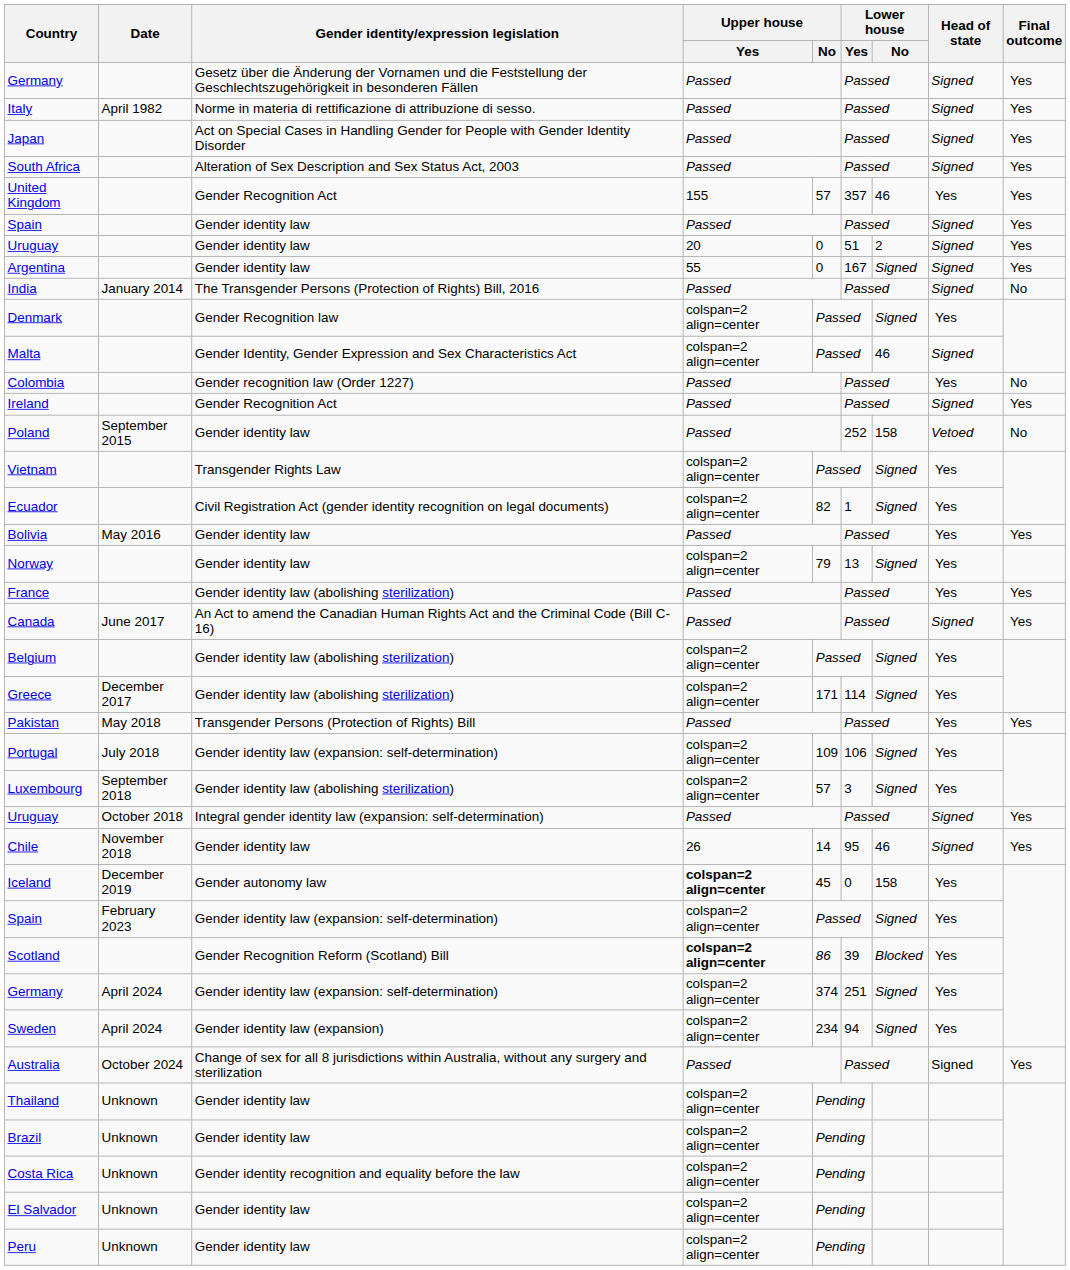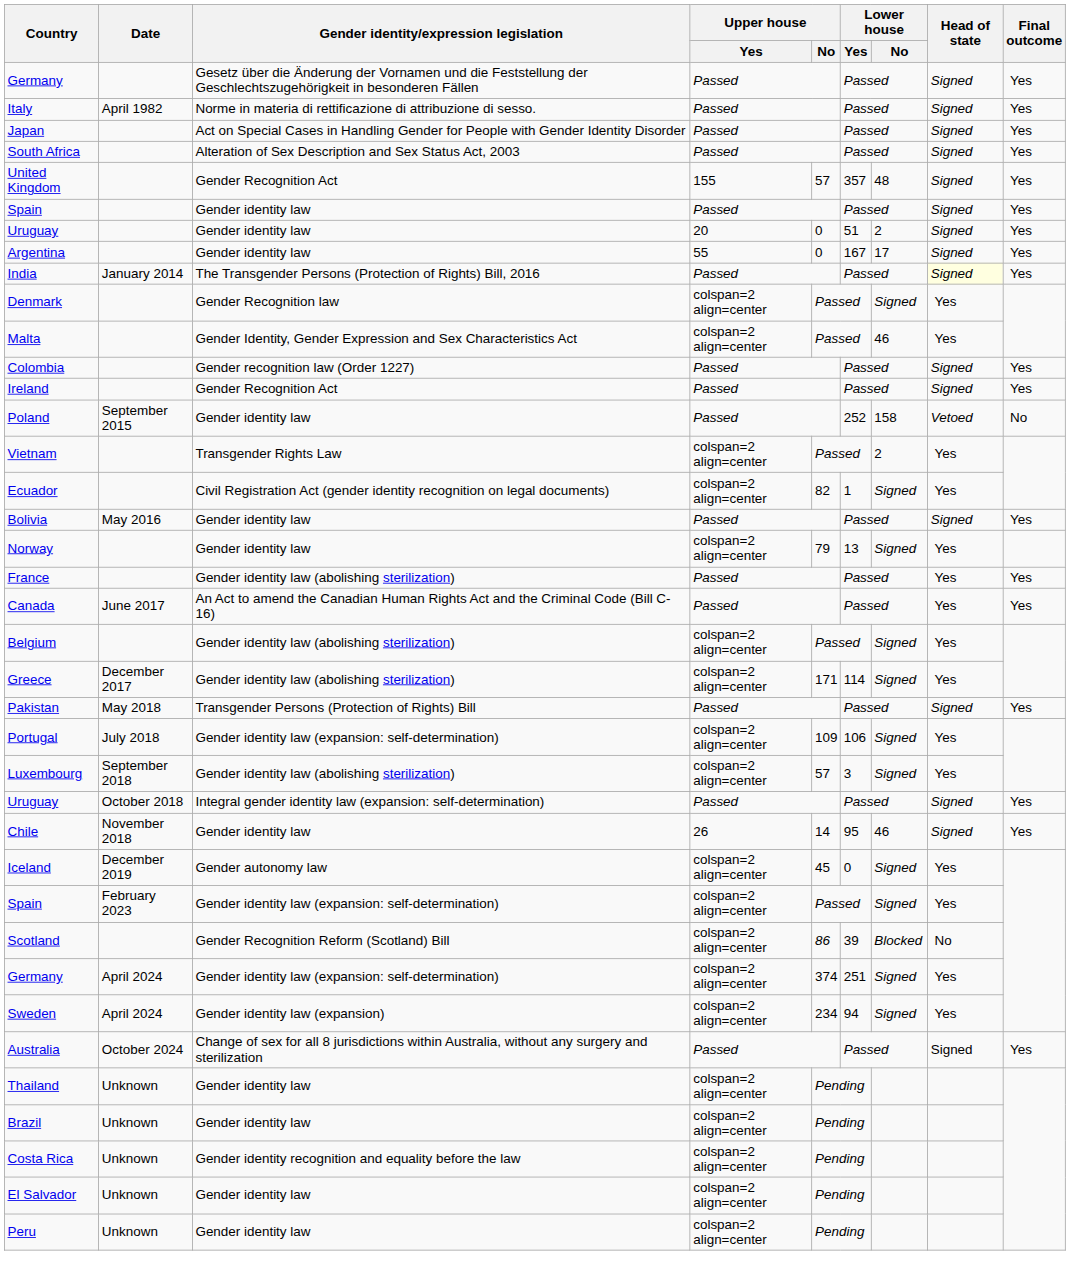 <table class="wikitable sortable mw-collapsible" style="width:100%">
 <tr>
 <th rowspan=2>Country</th>
 <th rowspan=2>Date</th>
 <th rowspan=2>Gender identity/expression legislation</th>
 <th colspan=2>Upper house</th>
 <th colspan=2>Lower house</th>
 <th rowspan=2>Head of state</th>
 <th rowspan=2>Final<br>outcome</th>
 </tr>
 <tr>
 <th>Yes</th>
 <th>No</th>
 <th>Yes</th>
 <th>No</th>
 </tr>
 <tr>
 <td> <a href='#'>Germany</a></td>
 <td></td>
 <td>Gesetz über die Änderung der Vornamen und die Feststellung der Geschlechtszugehörigkeit in besonderen Fällen</td>
 <td colspan=2><em>Passed</em></td>
 <td colspan=2><em>Passed</em></td>
 <td><em>Signed</em></td>
 <td> Yes</td>
 </tr>
 <tr>
 <td> <a href='#'>Italy</a></td>
 <td>April 1982</td>
 <td>Norme in materia di rettificazione di attribuzione di sesso.</td>
 <td colspan="2"><em>Passed</em></td>
 <td colspan="2"><em>Passed</em></td>
 <td><em>Signed</em></td>
 <td> Yes</td>
 </tr>
 <tr>
 <td> <a href='#'>Japan</a></td>
 <td></td>
 <td>Act on Special Cases in Handling Gender for People with Gender Identity Disorder</td>
 <td colspan=2><em>Passed</em></td>
 <td colspan=2><em>Passed</em></td>
 <td><em>Signed</em></td>
 <td> Yes</td>
 </tr>
 <tr>
 <td> <a href='#'>South Africa</a></td>
 <td></td>
 <td>Alteration of Sex Description and Sex Status Act, 2003</td>
 <td colspan=2><em>Passed</em></td>
 <td colspan=2><em>Passed</em></td>
 <td><em>Signed</em></td>
 <td> Yes</td>
 </tr>
 <tr>
 <td> <a href='#'>United Kingdom</a></td>
 <td></td>
 <td>Gender Recognition Act</td>
 <td>155</td>
 <td>57</td>
 <td>357</td>
-<td>46</td>
-<td> Yes</td>
+<td>48</td>
+<td><em>Signed</em></td>
 <td> Yes</td>
 </tr>
 <tr>
 <td> <a href='#'>Spain</a></td>
 <td></td>
 <td>Gender identity law</td>
 <td colspan=2><em>Passed</em></td>
 <td colspan=2><em>Passed</em></td>
 <td><em>Signed</em></td>
 <td> Yes</td>
 </tr>
 <tr>
 <td> <a href='#'>Uruguay</a></td>
 <td></td>
 <td>Gender identity law</td>
 <td>20</td>
 <td>0</td>
 <td>51</td>
 <td>2</td>
 <td><em>Signed</em></td>
 <td> Yes</td>
 </tr>
 <tr>
 <td> <a href='#'>Argentina</a></td>
 <td></td>
 <td>Gender identity law</td>
 <td>55</td>
 <td>0</td>
 <td>167</td>
-<td><em>Signed</em></td>
+<td>17</td>
 <td><em>Signed</em></td>
 <td> Yes</td>
 </tr>
 <tr>
 <td> <a href='#'>India</a></td>
 <td>January 2014</td>
 <td>The Transgender Persons (Protection of Rights) Bill, 2016</td>
 <td colspan="2"><em>Passed</em></td>
 <td colspan="2"><em>Passed</em></td>
-<td><em>Signed</em></td>
-<td> No</td>
+<td style="background: lightyellow;"><em>Signed</em></td>
+<td> Yes</td>
 </tr>
 <tr>
 <td> <a href='#'>Denmark</a></td>
 <td></td>
 <td>Gender Recognition law</td>
 <td>colspan=2 align=center </td>
 <td colspan=2><em>Passed</em></td>
 <td><em>Signed</em></td>
 <td> Yes</td>
 </tr>
 <tr>
 <td> <a href='#'>Malta</a></td>
 <td></td>
 <td>Gender Identity, Gender Expression and Sex Characteristics Act</td>
 <td>colspan=2 align=center </td>
 <td colspan=2><em>Passed</em></td>
 <td>46</td>
-<td><em>Signed</em></td>
+<td> Yes</td>
 </tr>
 <tr>
 <td> <a href='#'>Colombia</a></td>
 <td></td>
 <td>Gender recognition law (Order 1227)</td>
 <td colspan=2><em>Passed</em></td>
 <td colspan=2><em>Passed</em></td>
+<td><em>Signed</em></td>
 <td> Yes</td>
-<td> No</td>
 </tr>
 <tr>
 <td> <a href='#'>Ireland</a></td>
 <td></td>
 <td>Gender Recognition Act</td>
 <td colspan=2><em>Passed</em></td>
 <td colspan=2><em>Passed</em></td>
 <td><em>Signed</em></td>
 <td> Yes</td>
 </tr>
 <tr>
 <td> <a href='#'>Poland</a></td>
 <td>September 2015</td>
 <td>Gender identity law</td>
 <td colspan=2><em>Passed</em></td>
 <td>252</td>
 <td>158</td>
 <td><em>Vetoed</em></td>
 <td> No</td>
 </tr>
 <tr>
 <td> <a href='#'>Vietnam</a></td>
 <td></td>
 <td>Transgender Rights Law</td>
 <td>colspan=2 align=center </td>
 <td colspan=2><em>Passed</em></td>
-<td><em>Signed</em></td>
+<td>2</td>
 <td> Yes</td>
 </tr>
 <tr>
 <td> <a href='#'>Ecuador</a></td>
 <td></td>
 <td>Civil Registration Act (gender identity recognition on legal documents)</td>
 <td>colspan=2 align=center </td>
 <td>82</td>
 <td>1</td>
 <td><em>Signed</em></td>
 <td> Yes</td>
 </tr>
 <tr>
 <td> <a href='#'>Bolivia</a></td>
 <td>May 2016</td>
 <td>Gender identity law</td>
 <td colspan=2><em>Passed</em></td>
 <td colspan=2><em>Passed</em></td>
-<td> Yes</td>
+<td><em>Signed</em></td>
 <td> Yes</td>
 </tr>
 <tr>
 <td> <a href='#'>Norway</a></td>
 <td></td>
 <td>Gender identity law</td>
 <td>colspan=2 align=center </td>
 <td>79</td>
 <td>13</td>
 <td><em>Signed</em></td>
 <td> Yes</td>
 </tr>
 <tr>
 <td> <a href='#'>France</a></td>
 <td></td>
 <td>Gender identity law (abolishing <a href='#'>sterilization</a>)</td>
 <td colspan=2><em>Passed</em></td>
 <td colspan=2><em>Passed</em></td>
 <td> Yes</td>
 <td> Yes</td>
 </tr>
 <tr>
 <td> <a href='#'>Canada</a></td>
 <td>June 2017</td>
 <td>An Act to amend the Canadian Human Rights Act and the Criminal Code (Bill C-16)</td>
 <td colspan=2><em>Passed</em></td>
 <td colspan=2><em>Passed</em></td>
-<td><em>Signed</em></td>
+<td> Yes</td>
 <td> Yes</td>
 </tr>
 <tr>
 <td> <a href='#'>Belgium</a></td>
 <td></td>
 <td>Gender identity law (abolishing <a href='#'>sterilization</a>)</td>
 <td>colspan=2 align=center </td>
 <td colspan="2"><em>Passed</em></td>
 <td><em>Signed</em></td>
 <td> Yes</td>
 </tr>
 <tr>
 <td> <a href='#'>Greece</a></td>
 <td>December 2017</td>
 <td>Gender identity law (abolishing <a href='#'>sterilization</a>)</td>
 <td>colspan=2 align=center </td>
 <td>171</td>
 <td>114</td>
 <td><em>Signed</em></td>
 <td> Yes</td>
 </tr>
 <tr>
 <td> <a href='#'>Pakistan</a></td>
 <td>May 2018</td>
 <td>Transgender Persons (Protection of Rights) Bill</td>
 <td colspan="2"><em>Passed</em></td>
 <td colspan="2"><em>Passed</em></td>
-<td> Yes</td>
+<td><em>Signed</em></td>
 <td> Yes</td>
 </tr>
 <tr>
 <td> <a href='#'>Portugal</a></td>
 <td>July 2018</td>
 <td>Gender identity law (expansion: self-determination)</td>
 <td>colspan=2 align=center </td>
 <td>109</td>
 <td>106</td>
 <td><em>Signed</em></td>
 <td> Yes</td>
 </tr>
 <tr>
 <td> <a href='#'>Luxembourg</a></td>
 <td>September 2018</td>
 <td>Gender identity law (abolishing <a href='#'>sterilization</a>)</td>
 <td>colspan=2 align=center </td>
 <td>57</td>
 <td>3</td>
 <td><em>Signed</em></td>
 <td> Yes</td>
 </tr>
 <tr>
 <td> <a href='#'>Uruguay</a></td>
 <td>October 2018</td>
 <td>Integral gender identity law (expansion: self-determination)</td>
 <td colspan="2"><em>Passed</em></td>
 <td colspan="2"><em>Passed</em></td>
 <td><em>Signed</em></td>
 <td> Yes</td>
 </tr>
 <tr>
 <td> <a href='#'>Chile</a></td>
 <td>November 2018</td>
 <td>Gender identity law</td>
 <td>26</td>
 <td>14</td>
 <td>95</td>
 <td>46</td>
 <td><em>Signed</em></td>
 <td> Yes</td>
 </tr>
 <tr>
 <td> <a href='#'>Iceland</a></td>
 <td>December 2019</td>
 <td>Gender autonomy law</td>
-<td><strong>colspan=2 align=center </strong></td>
+<td>colspan=2 align=center </td>
 <td>45</td>
 <td>0</td>
-<td>158</td>
+<td><em>Signed</em></td>
 <td> Yes</td>
 </tr>
 <tr>
 <td> <a href='#'>Spain</a></td>
 <td>February 2023</td>
 <td>Gender identity law (expansion: self-determination)</td>
 <td>colspan=2 align=center </td>
 <td colspan="2"><em>Passed</em></td>
 <td><em>Signed</em></td>
 <td> Yes</td>
 </tr>
 <tr>
 <td> <a href='#'>Scotland</a></td>
 <td></td>
 <td>Gender Recognition Reform (Scotland) Bill</td>
-<td><strong>colspan=2 align=center </strong></td>
+<td>colspan=2 align=center </td>
 <td><em>86</em></td>
 <td>39</td>
 <td><em>Blocked</em></td>
-<td> Yes</td>
+<td> No</td>
 </tr>
 <tr>
 <td> <a href='#'>Germany</a></td>
 <td>April 2024</td>
 <td>Gender identity law (expansion: self-determination)</td>
 <td>colspan=2 align=center </td>
 <td>374</td>
 <td>251</td>
 <td><em>Signed</em></td>
 <td> Yes</td>
 </tr>
 <tr>
 <td> <a href='#'>Sweden</a></td>
 <td>April 2024</td>
 <td>Gender identity law (expansion)</td>
 <td>colspan=2 align=center </td>
 <td>234</td>
 <td>94</td>
 <td><em>Signed</em></td>
 <td> Yes</td>
 </tr>
 <tr>
 <td> <a href='#'>Australia</a></td>
 <td>October 2024</td>
 <td>Change of sex for all 8 jurisdictions within Australia, without any surgery and sterilization</td>
 <td colspan=2><em>Passed</em></td>
 <td colspan=2><em>Passed</em></td>
 <td>Signed</td>
 <td> Yes</td>
 </tr>
 <tr>
 <td> <a href='#'>Thailand</a></td>
 <td>Unknown</td>
 <td>Gender identity law</td>
 <td>colspan=2 align=center </td>
 <td colspan=2><em>Pending</em></td>
 <td></td>
 <td></td>
 </tr>
 <tr>
 <td> <a href='#'>Brazil</a></td>
 <td>Unknown</td>
 <td>Gender identity law</td>
 <td>colspan=2 align=center </td>
 <td colspan=2><em>Pending</em></td>
 <td></td>
 <td></td>
 </tr>
 <tr>
 <td> <a href='#'>Costa Rica</a></td>
 <td>Unknown</td>
 <td>Gender identity recognition and equality before the law</td>
 <td>colspan=2 align=center </td>
 <td colspan="2"><em>Pending</em></td>
 <td></td>
 <td></td>
 </tr>
 <tr>
 <td> <a href='#'>El Salvador</a></td>
 <td>Unknown</td>
 <td>Gender identity law</td>
 <td>colspan=2 align=center </td>
 <td colspan=2><em>Pending</em></td>
 <td></td>
 <td></td>
 </tr>
 <tr>
 <td> <a href='#'>Peru</a></td>
 <td>Unknown</td>
 <td>Gender identity law</td>
 <td>colspan=2 align=center </td>
 <td colspan=2><em>Pending</em></td>
 <td></td>
 <td></td>
 </tr>
 </table>
